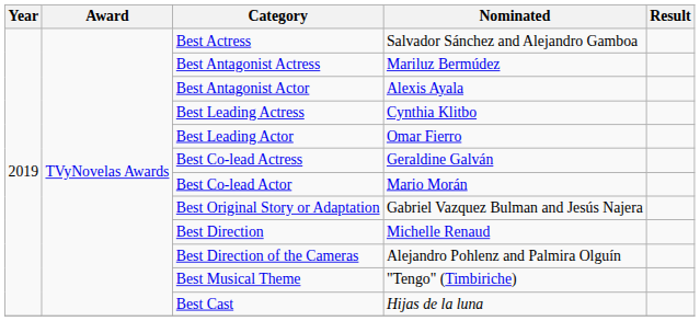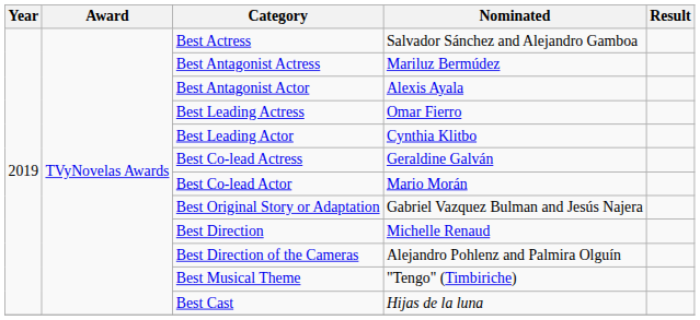 <table class="wikitable plainrowheaders">
 <tr>
 <th scope="col">Year</th>
 <th scope="col">Award</th>
 <th scope="col">Category</th>
 <th scope="col">Nominated</th>
 <th scope="col">Result</th>
 </tr>
 <tr>
 <td rowspan="12">2019</td>
 <td rowspan="12"><a href='#'>TVyNovelas Awards</a></td>
 <td><a href='#'>Best Actress</a></td>
 <td>Salvador Sánchez and Alejandro Gamboa</td>
 <td></td>
 </tr>
 <tr>
 <td><a href='#'>Best Antagonist Actress</a></td>
 <td><a href='#'>Mariluz Bermúdez</a></td>
 <td></td>
 </tr>
 <tr>
 <td><a href='#'>Best Antagonist Actor</a></td>
 <td><a href='#'>Alexis Ayala</a></td>
 <td></td>
 </tr>
 <tr>
 <td><a href='#'>Best Leading Actress</a></td>
-<td><a href='#'>Cynthia Klitbo</a></td>
+<td><a href='#'>Omar Fierro</a></td>
 <td></td>
 </tr>
 <tr>
 <td><a href='#'>Best Leading Actor</a></td>
-<td><a href='#'>Omar Fierro</a></td>
+<td><a href='#'>Cynthia Klitbo</a></td>
 <td></td>
 </tr>
 <tr>
 <td><a href='#'>Best Co-lead Actress</a></td>
 <td><a href='#'>Geraldine Galván</a></td>
 <td></td>
 </tr>
 <tr>
 <td><a href='#'>Best Co-lead Actor</a></td>
 <td><a href='#'>Mario Morán</a></td>
 <td></td>
 </tr>
 <tr>
 <td><a href='#'>Best Original Story or Adaptation</a></td>
 <td>Gabriel Vazquez Bulman and Jesús Najera</td>
 <td></td>
 </tr>
 <tr>
 <td><a href='#'>Best Direction</a></td>
 <td><a href='#'>Michelle Renaud</a></td>
 <td></td>
 </tr>
 <tr>
 <td><a href='#'>Best Direction of the Cameras</a></td>
 <td>Alejandro Pohlenz and Palmira Olguín</td>
 <td></td>
 </tr>
 <tr>
 <td><a href='#'>Best Musical Theme</a></td>
 <td>"Tengo" (<a href='#'>Timbiriche</a>)</td>
 <td></td>
 </tr>
 <tr>
 <td><a href='#'>Best Cast</a></td>
 <td><em>Hijas de la luna</em></td>
 <td></td>
 </tr>
 <tr>
 </tr>
 </table>
